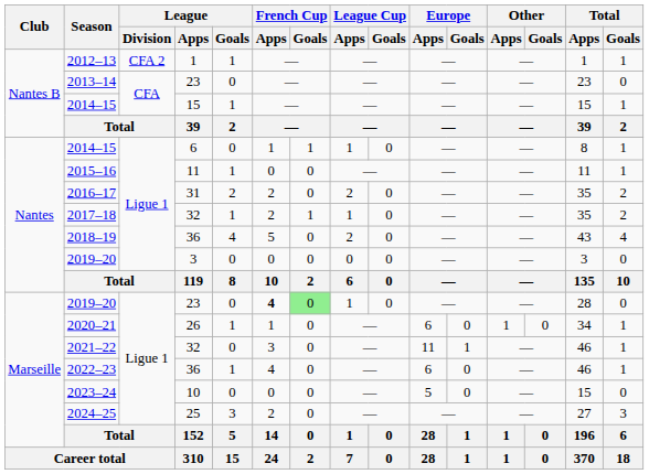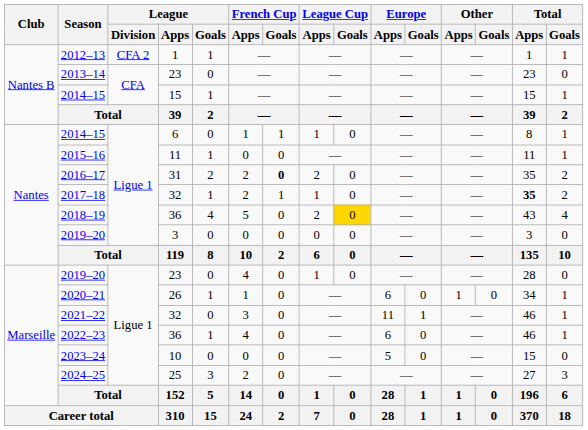 <table class="wikitable" style="text-align:center">
 <tr>
 <th rowspan="2">Club</th>
 <th rowspan="2">Season</th>
 <th colspan="3">League</th>
 <th colspan="2"><a href='#'>French Cup</a></th>
 <th colspan="2"><a href='#'>League Cup</a></th>
 <th colspan="2"><a href='#'>Europe</a></th>
 <th colspan="2">Other</th>
 <th colspan="2">Total</th>
 </tr>
 <tr>
 <th>Division</th>
 <th>Apps</th>
 <th>Goals</th>
 <th>Apps</th>
 <th>Goals</th>
 <th>Apps</th>
 <th>Goals</th>
 <th>Apps</th>
 <th>Goals</th>
 <th>Apps</th>
 <th>Goals</th>
 <th>Apps</th>
 <th>Goals</th>
 </tr>
 <tr>
 <td rowspan="4"><a href='#'>Nantes B</a></td>
 <td><a href='#'>2012–13</a></td>
 <td><a href='#'>CFA 2</a></td>
 <td>1</td>
 <td>1</td>
 <td colspan="2">—</td>
 <td colspan="2">—</td>
 <td colspan="2">—</td>
 <td colspan="2">—</td>
 <td>1</td>
 <td>1</td>
 </tr>
 <tr>
 <td><a href='#'>2013–14</a></td>
 <td rowspan="2"><a href='#'>CFA</a></td>
 <td>23</td>
 <td>0</td>
 <td colspan="2">—</td>
 <td colspan="2">—</td>
 <td colspan="2">—</td>
 <td colspan="2">—</td>
 <td>23</td>
 <td>0</td>
 </tr>
 <tr>
 <td><a href='#'>2014–15</a></td>
 <td>15</td>
 <td>1</td>
 <td colspan="2">—</td>
 <td colspan="2">—</td>
 <td colspan="2">—</td>
 <td colspan="2">—</td>
 <td>15</td>
 <td>1</td>
 </tr>
 <tr>
 <th colspan="2">Total</th>
 <th>39</th>
 <th>2</th>
 <th colspan="2">—</th>
 <th colspan="2">—</th>
 <th colspan="2">—</th>
 <th colspan="2">—</th>
 <th>39</th>
 <th>2</th>
 </tr>
 <tr>
 <td rowspan="7"><a href='#'>Nantes</a></td>
 <td><a href='#'>2014–15</a></td>
 <td rowspan="6"><a href='#'>Ligue 1</a></td>
 <td>6</td>
 <td>0</td>
 <td>1</td>
 <td>1</td>
 <td>1</td>
 <td>0</td>
 <td colspan="2">—</td>
 <td colspan="2">—</td>
 <td>8</td>
 <td>1</td>
 </tr>
 <tr>
 <td><a href='#'>2015–16</a></td>
 <td>11</td>
 <td>1</td>
 <td>0</td>
 <td>0</td>
 <td colspan="2">—</td>
 <td colspan="2">—</td>
 <td colspan="2">—</td>
 <td>11</td>
 <td>1</td>
 </tr>
 <tr>
 <td><a href='#'>2016–17</a></td>
 <td>31</td>
 <td>2</td>
 <td>2</td>
-<td>0</td>
+<td><strong>0</strong></td>
 <td>2</td>
 <td>0</td>
 <td colspan="2">—</td>
 <td colspan="2">—</td>
 <td>35</td>
 <td>2</td>
 </tr>
 <tr>
 <td><a href='#'>2017–18</a></td>
 <td>32</td>
 <td>1</td>
 <td>2</td>
 <td>1</td>
 <td>1</td>
 <td>0</td>
 <td colspan="2">—</td>
 <td colspan="2">—</td>
-<td>35</td>
+<td><strong>35</strong></td>
 <td>2</td>
 </tr>
 <tr>
 <td><a href='#'>2018–19</a></td>
 <td>36</td>
 <td>4</td>
 <td>5</td>
 <td>0</td>
 <td>2</td>
-<td>0</td>
+<td style="background: gold;">0</td>
 <td colspan="2">—</td>
 <td colspan="2">—</td>
 <td>43</td>
 <td>4</td>
 </tr>
 <tr>
 <td><a href='#'>2019–20</a></td>
 <td>3</td>
 <td>0</td>
 <td>0</td>
 <td>0</td>
 <td>0</td>
 <td>0</td>
 <td colspan="2">—</td>
 <td colspan="2">—</td>
 <td>3</td>
 <td>0</td>
 </tr>
 <tr>
 <th colspan="2">Total</th>
 <th>119</th>
 <th>8</th>
 <th>10</th>
 <th>2</th>
 <th>6</th>
 <th>0</th>
 <th colspan="2">—</th>
 <th colspan="2">—</th>
 <th>135</th>
 <th>10</th>
 </tr>
 <tr>
 <td rowspan="7"><a href='#'>Marseille</a></td>
 <td><a href='#'>2019–20</a></td>
 <td rowspan="6">Ligue 1</td>
 <td>23</td>
 <td>0</td>
-<td><strong>4</strong></td>
-<td style="background: lightgreen;">0</td>
+<td>4</td>
+<td>0</td>
 <td>1</td>
 <td>0</td>
 <td colspan="2">—</td>
 <td colspan="2">—</td>
 <td>28</td>
 <td>0</td>
 </tr>
 <tr>
 <td><a href='#'>2020–21</a></td>
 <td>26</td>
 <td>1</td>
 <td>1</td>
 <td>0</td>
 <td colspan="2">—</td>
 <td>6</td>
 <td>0</td>
 <td>1</td>
 <td>0</td>
 <td>34</td>
 <td>1</td>
 </tr>
 <tr>
 <td><a href='#'>2021–22</a></td>
 <td>32</td>
 <td>0</td>
 <td>3</td>
 <td>0</td>
 <td colspan="2">—</td>
 <td>11</td>
 <td>1</td>
 <td colspan="2">—</td>
 <td>46</td>
 <td>1</td>
 </tr>
 <tr>
 <td><a href='#'>2022–23</a></td>
 <td>36</td>
 <td>1</td>
 <td>4</td>
 <td>0</td>
 <td colspan="2">—</td>
 <td>6</td>
 <td>0</td>
 <td colspan="2">—</td>
 <td>46</td>
 <td>1</td>
 </tr>
 <tr>
 <td><a href='#'>2023–24</a></td>
 <td>10</td>
 <td>0</td>
 <td>0</td>
 <td>0</td>
 <td colspan="2">—</td>
 <td>5</td>
 <td>0</td>
 <td colspan="2">—</td>
 <td>15</td>
 <td>0</td>
 </tr>
 <tr>
 <td><a href='#'>2024–25</a></td>
 <td>25</td>
 <td>3</td>
 <td>2</td>
 <td>0</td>
 <td colspan="2">—</td>
 <td colspan="2">—</td>
 <td colspan="2">—</td>
 <td>27</td>
 <td>3</td>
 </tr>
 <tr>
 <th colspan="2">Total</th>
 <th>152</th>
 <th>5</th>
 <th>14</th>
 <th>0</th>
 <th>1</th>
 <th>0</th>
 <th>28</th>
 <th>1</th>
 <th>1</th>
 <th>0</th>
 <th>196</th>
 <th>6</th>
 </tr>
 <tr>
 <th colspan="3">Career total</th>
 <th>310</th>
 <th>15</th>
 <th>24</th>
 <th>2</th>
 <th>7</th>
 <th>0</th>
 <th>28</th>
 <th>1</th>
 <th>1</th>
 <th>0</th>
 <th>370</th>
 <th>18</th>
 </tr>
 </table>
